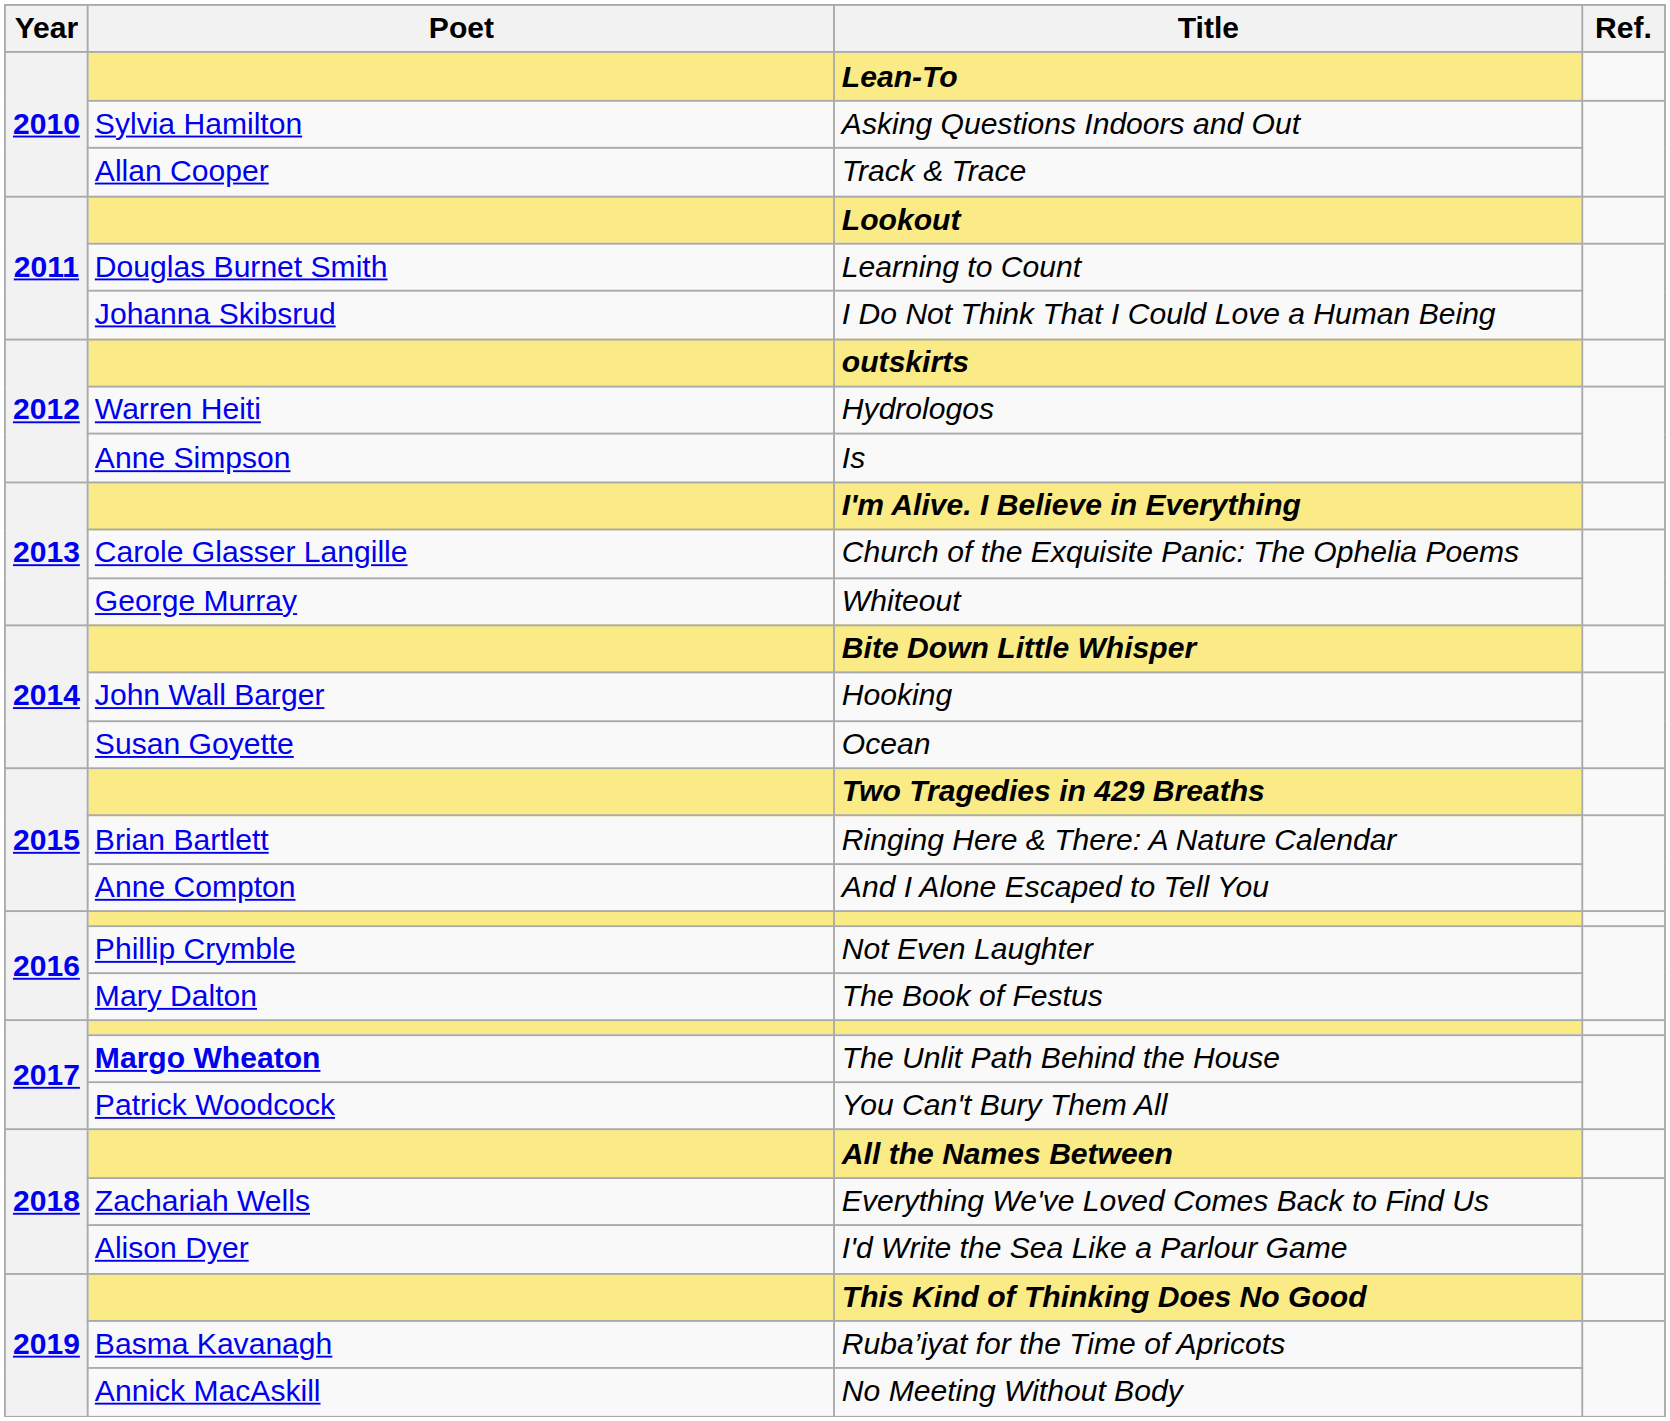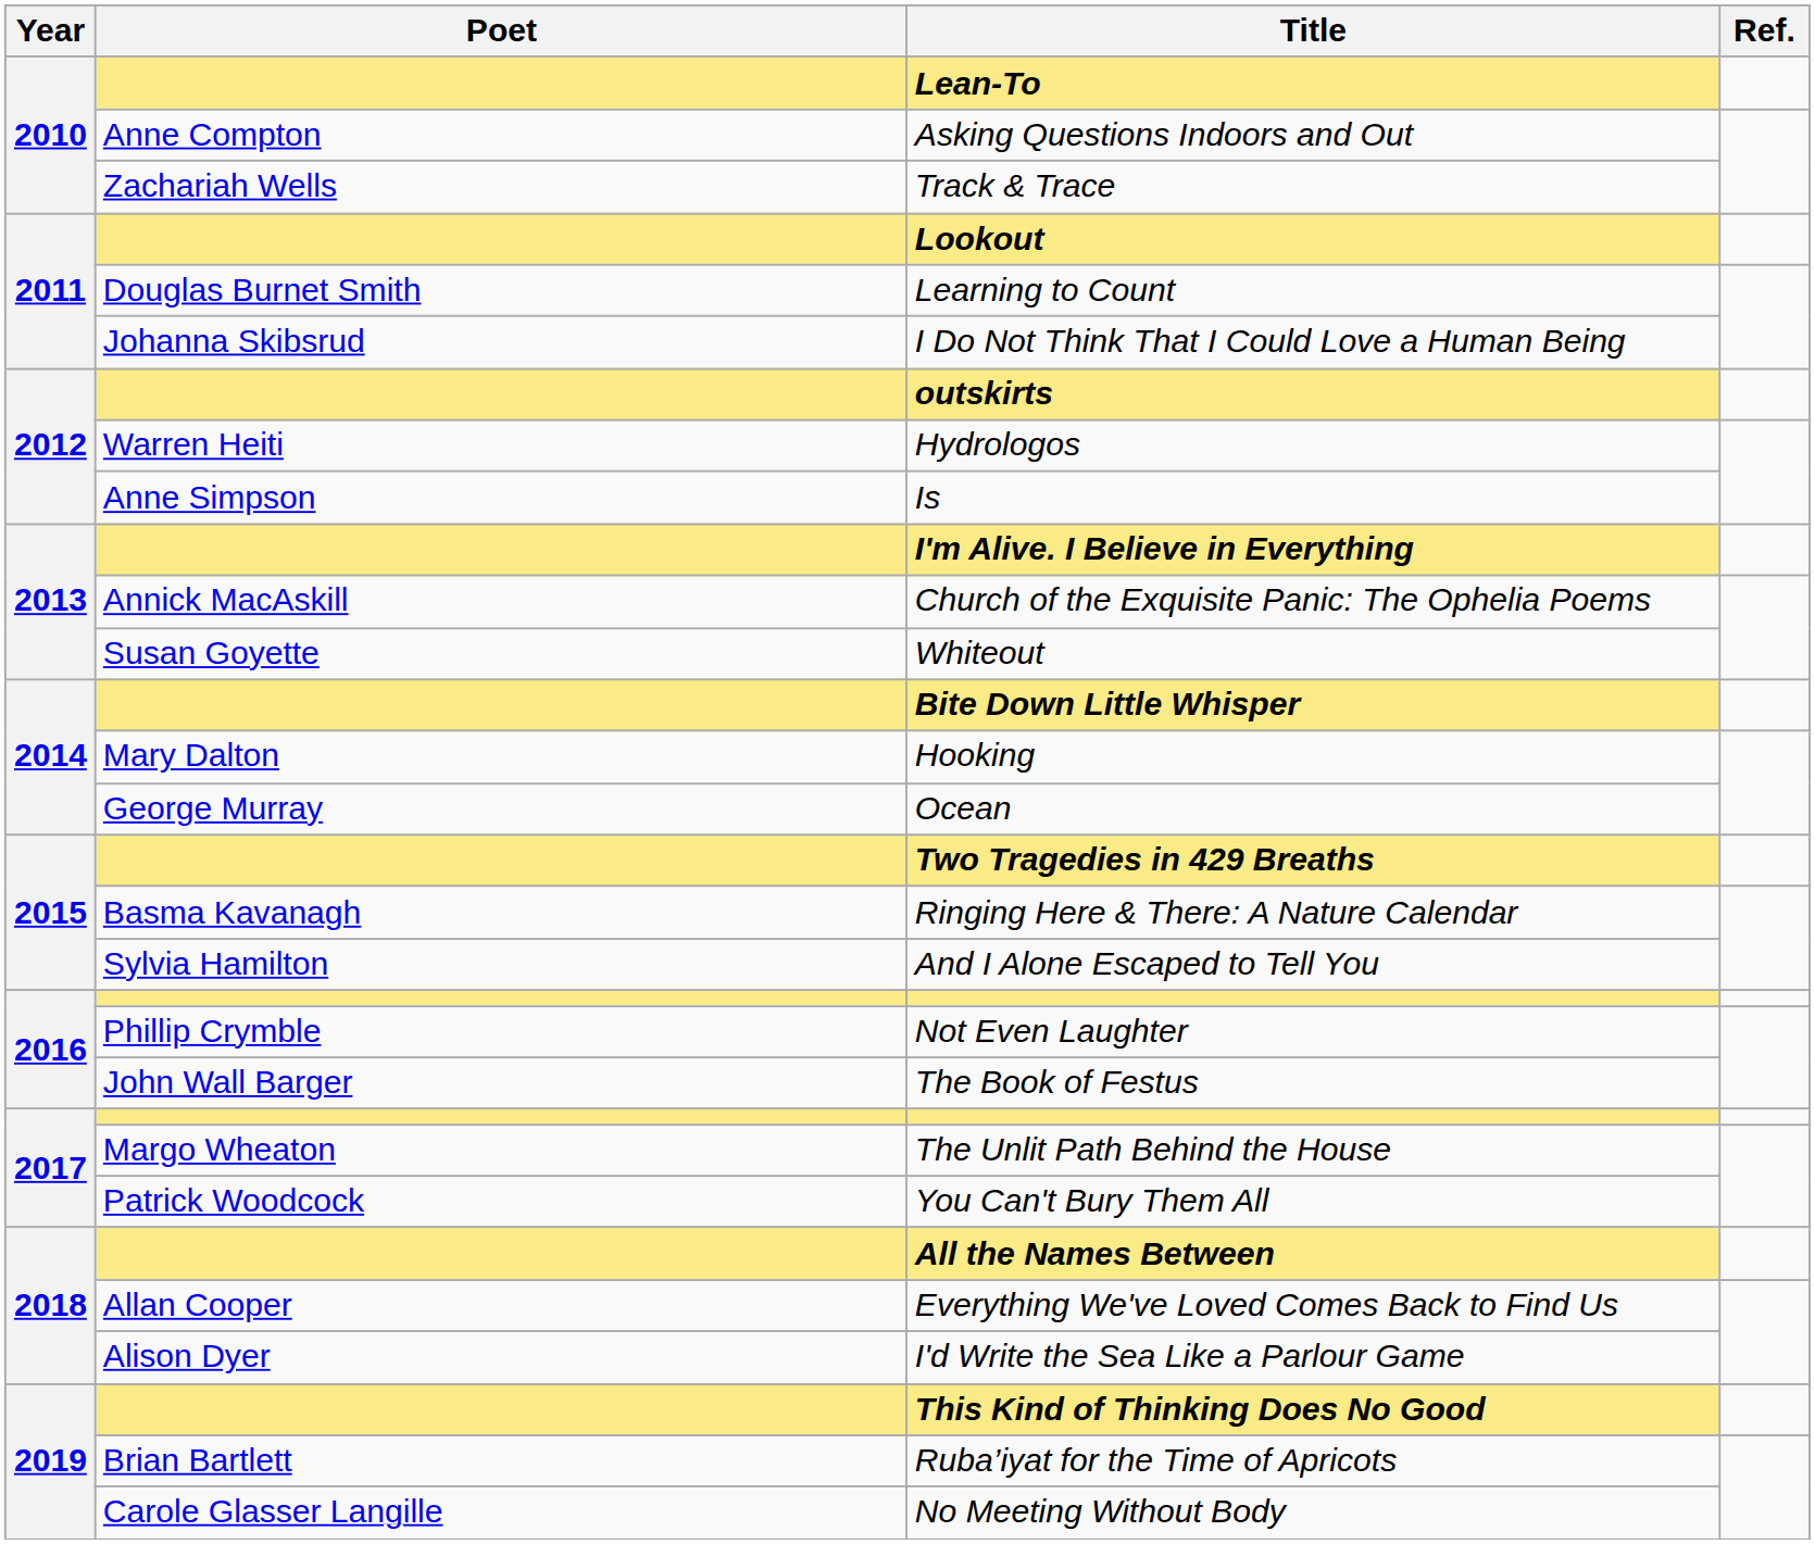 <table class="wikitable" width=100%>
 <tr>
 <th width=5%>Year</th>
 <th width=45%>Poet</th>
 <th width=45%>Title</th>
 <th width=5%>Ref.</th>
 </tr>
 <tr>
 <th rowspan=3><a href='#'>2010</a></th>
 <td style=background:#FAEB86><strong></strong></td>
 <td style=background:#FAEB86><strong><em>Lean-To</em></strong></td>
 <td></td>
 </tr>
 <tr>
-<td><a href='#'>Sylvia Hamilton</a></td>
+<td><a href='#'>Anne Compton</a></td>
 <td><em>Asking Questions Indoors and Out</em></td>
 <td rowspan=2></td>
 </tr>
 <tr>
-<td><a href='#'>Allan Cooper</a></td>
+<td><a href='#'>Zachariah Wells</a></td>
 <td><em>Track & Trace</em></td>
 </tr>
 <tr>
 <th rowspan=3><a href='#'>2011</a></th>
 <td style=background:#FAEB86><strong></strong></td>
 <td style=background:#FAEB86><strong><em>Lookout</em></strong></td>
 <td></td>
 </tr>
 <tr>
 <td><a href='#'>Douglas Burnet Smith</a></td>
 <td><em>Learning to Count</em></td>
 <td rowspan=2></td>
 </tr>
 <tr>
 <td><a href='#'>Johanna Skibsrud</a></td>
 <td><em>I Do Not Think That I Could Love a Human Being</em></td>
 </tr>
 <tr>
 <th rowspan=3><a href='#'>2012</a></th>
 <td style=background:#FAEB86><strong></strong></td>
 <td style=background:#FAEB86><strong><em>outskirts</em></strong></td>
 <td></td>
 </tr>
 <tr>
 <td><a href='#'>Warren Heiti</a></td>
 <td><em>Hydrologos</em></td>
 <td rowspan=2></td>
 </tr>
 <tr>
 <td><a href='#'>Anne Simpson</a></td>
 <td><em>Is</em></td>
 </tr>
 <tr>
 <th rowspan=3><a href='#'>2013</a></th>
 <td style=background:#FAEB86><strong></strong></td>
 <td style=background:#FAEB86><strong><em>I'm Alive. I Believe in Everything</em></strong></td>
 <td></td>
 </tr>
 <tr>
-<td><a href='#'>Carole Glasser Langille</a></td>
+<td><a href='#'>Annick MacAskill</a></td>
 <td><em>Church of the Exquisite Panic: The Ophelia Poems</em></td>
 <td rowspan=2></td>
 </tr>
 <tr>
-<td><a href='#'>George Murray</a></td>
+<td><a href='#'>Susan Goyette</a></td>
 <td><em>Whiteout</em></td>
 </tr>
 <tr>
 <th rowspan=3><a href='#'>2014</a></th>
 <td style=background:#FAEB86><strong></strong></td>
 <td style=background:#FAEB86><strong><em>Bite Down Little Whisper</em></strong></td>
 <td></td>
 </tr>
 <tr>
-<td><a href='#'>John Wall Barger</a></td>
+<td><a href='#'>Mary Dalton</a></td>
 <td><em>Hooking</em></td>
 <td rowspan=2></td>
 </tr>
 <tr>
-<td><a href='#'>Susan Goyette</a></td>
+<td><a href='#'>George Murray</a></td>
 <td><em>Ocean</em></td>
 </tr>
 <tr>
 <th rowspan=3><a href='#'>2015</a></th>
 <td style=background:#FAEB86><strong></strong></td>
 <td style=background:#FAEB86><strong><em>Two Tragedies in 429 Breaths</em></strong></td>
 <td></td>
 </tr>
 <tr>
-<td><a href='#'>Brian Bartlett</a></td>
+<td><a href='#'>Basma Kavanagh</a></td>
 <td><em>Ringing Here & There: A Nature Calendar</em></td>
 <td rowspan=2></td>
 </tr>
 <tr>
-<td><a href='#'>Anne Compton</a></td>
+<td><a href='#'>Sylvia Hamilton</a></td>
 <td><em>And I Alone Escaped to Tell You</em></td>
 </tr>
 <tr>
 <th rowspan=3><a href='#'>2016</a></th>
 <td style=background:#FAEB86><strong></strong></td>
 <td style=background:#FAEB86><strong><em></em></strong></td>
 <td></td>
 </tr>
 <tr>
 <td><a href='#'>Phillip Crymble</a></td>
 <td><em>Not Even Laughter</em></td>
 <td rowspan=2></td>
 </tr>
 <tr>
-<td><a href='#'>Mary Dalton</a></td>
+<td><a href='#'>John Wall Barger</a></td>
 <td><em>The Book of Festus</em></td>
 </tr>
 <tr>
 <th rowspan=3><a href='#'>2017</a></th>
 <td style=background:#FAEB86><strong></strong></td>
 <td style=background:#FAEB86><strong><em></em></strong></td>
 <td></td>
 </tr>
 <tr>
-<td><strong><a href='#'>Margo Wheaton</a></strong></td>
+<td><a href='#'>Margo Wheaton</a></td>
 <td><em>The Unlit Path Behind the House</em></td>
 <td rowspan=2></td>
 </tr>
 <tr>
 <td><a href='#'>Patrick Woodcock</a></td>
 <td><em>You Can't Bury Them All</em></td>
 </tr>
 <tr>
 <th rowspan=3><a href='#'>2018</a></th>
 <td style=background:#FAEB86><strong></strong></td>
 <td style=background:#FAEB86><strong><em>All the Names Between</em></strong></td>
 <td></td>
 </tr>
 <tr>
-<td><a href='#'>Zachariah Wells</a></td>
+<td><a href='#'>Allan Cooper</a></td>
 <td><em>Everything We've Loved Comes Back to Find Us</em></td>
 <td rowspan=2></td>
 </tr>
 <tr>
 <td><a href='#'>Alison Dyer</a></td>
 <td><em>I'd Write the Sea Like a Parlour Game</em></td>
 </tr>
 <tr>
 <th rowspan=3><a href='#'>2019</a></th>
 <td style=background:#FAEB86><strong></strong></td>
 <td style=background:#FAEB86><strong><em>This Kind of Thinking Does No Good</em></strong></td>
 <td></td>
 </tr>
 <tr>
-<td><a href='#'>Basma Kavanagh</a></td>
+<td><a href='#'>Brian Bartlett</a></td>
 <td><em>Ruba’iyat for the Time of Apricots</em></td>
 <td rowspan=2></td>
 </tr>
 <tr>
-<td><a href='#'>Annick MacAskill</a></td>
+<td><a href='#'>Carole Glasser Langille</a></td>
 <td><em>No Meeting Without Body</em></td>
 </tr>
 </table>
